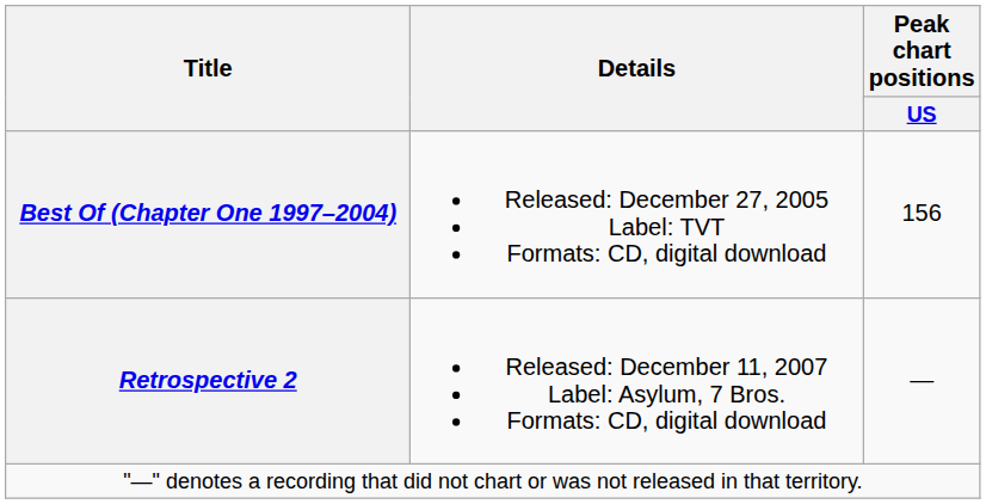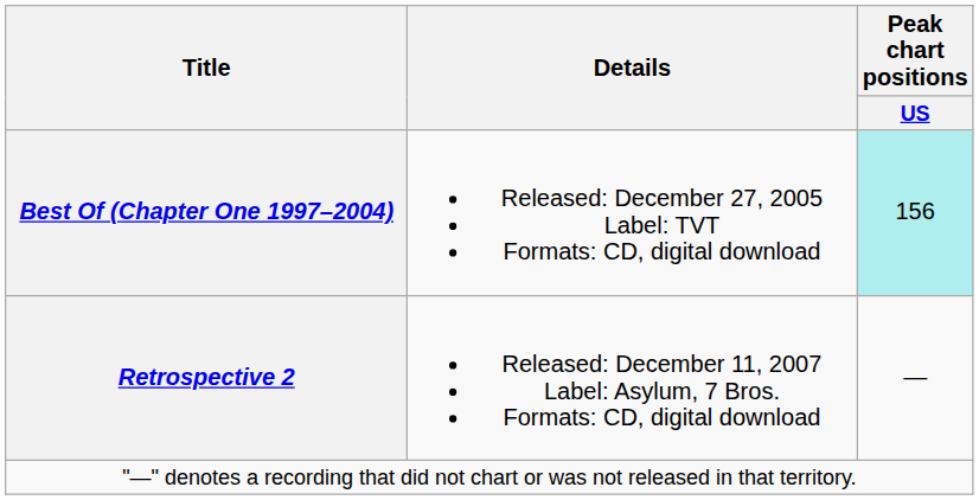 <table class="wikitable plainrowheaders" style="text-align:center;">
 <tr>
 <th scope="col" rowspan="2" style="width:16.5em;">Title</th>
 <th scope="col" rowspan="2" style="width:18.5em;">Details</th>
 <th scope="col" colspan="1">Peak chart positions</th>
 </tr>
 <tr>
 <th scope="col" style="width:3em;font-size:90%;"><a href='#'>US</a><br></th>
 </tr>
 <tr>
 <th scope="row"><em><a href='#'>Best Of (Chapter One 1997–2004)</a></em></th>
 <td><br><ul><li>Released: December 27, 2005</li><li>Label: TVT</li><li>Formats: CD, digital download</li></ul></td>
-<td>156</td>
+<td style="background: paleturquoise;">156</td>
 </tr>
 <tr>
 <th scope="row"><em><a href='#'>Retrospective 2</a></em></th>
 <td><br><ul><li>Released: December 11, 2007</li><li>Label: Asylum, 7 Bros.</li><li>Formats: CD, digital download</li></ul></td>
 <td>—</td>
 </tr>
 <tr>
 <td colspan="5" style="font-size:90%">"—" denotes a recording that did not chart or was not released in that territory.</td>
 </tr>
 </table>
